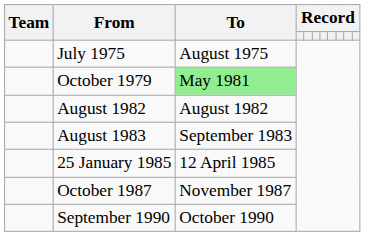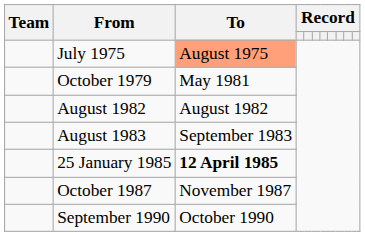 <table class="wikitable" style="text-align: center">
 <tr>
 <th rowspan="2">Team</th>
 <th rowspan="2">From</th>
 <th rowspan="2">To</th>
 <th colspan="8">Record</th>
 </tr>
 <tr>
 <th></th>
 <th></th>
 <th></th>
 <th></th>
 <th></th>
 <th></th>
 <th></th>
 <th></th>
 </tr>
 <tr>
 <td align=left></td>
 <td align=left>July 1975</td>
-<td align=left>August 1975<br></td>
+<td align=left style="background: lightsalmon;">August 1975<br></td>
 </tr>
 <tr>
 <td align=left></td>
 <td align=left>October 1979</td>
-<td align=left style="background: lightgreen;">May 1981<br></td>
+<td align=left>May 1981<br></td>
 </tr>
 <tr>
 <td align=left></td>
 <td align=left>August 1982</td>
 <td align=left>August 1982<br></td>
 </tr>
 <tr>
 <td align=left></td>
 <td align=left>August 1983</td>
 <td align=left>September 1983<br></td>
 </tr>
 <tr>
 <td align=left></td>
 <td align=left>25 January 1985</td>
-<td align=left>12 April 1985<br></td>
+<td align=left><strong>12 April 1985<br></strong></td>
 </tr>
 <tr>
 <td align=left></td>
 <td align=left>October 1987</td>
 <td align=left>November 1987<br></td>
 </tr>
 <tr>
 <td align=left></td>
 <td align=left>September 1990</td>
 <td align=left>October 1990<br></td>
 </tr>
 </table>
